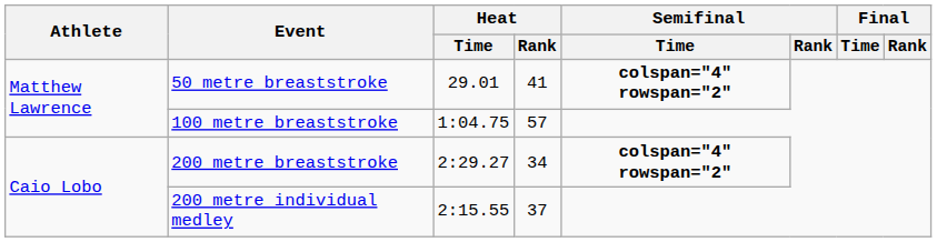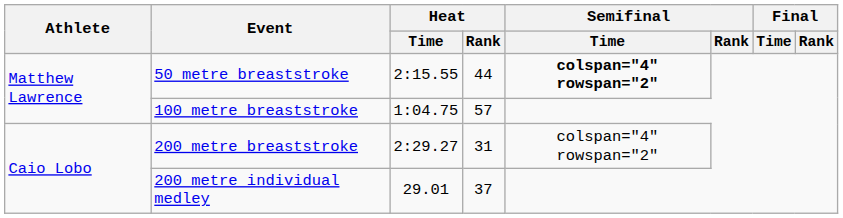 <table class="wikitable" style="text-align:center; font-size:90%; width:50%;">
 <tr>
 <th rowspan="2">Athlete</th>
 <th rowspan="2">Event</th>
 <th colspan="2">Heat</th>
 <th colspan="2">Semifinal</th>
 <th colspan="2">Final</th>
 </tr>
 <tr style="font-size:95%">
 <th>Time</th>
 <th>Rank</th>
 <th>Time</th>
 <th>Rank</th>
 <th>Time</th>
 <th>Rank</th>
 </tr>
 <tr align=center>
 <td align=left rowspan="2"><a href='#'>Matthew Lawrence</a></td>
 <td align=left><a href='#'>50 metre breaststroke</a></td>
-<td>29.01</td>
-<td>41</td>
+<td>2:15.55</td>
+<td>44</td>
 <td><strong>colspan="4" rowspan="2"</strong></td>
 </tr>
 <tr align=center>
 <td align=left><a href='#'>100 metre breaststroke</a></td>
 <td>1:04.75</td>
 <td>57</td>
 </tr>
 <tr align=center>
 <td align=left rowspan="2"><a href='#'>Caio Lobo</a></td>
 <td align=left><a href='#'>200 metre breaststroke</a></td>
 <td>2:29.27</td>
-<td>34</td>
-<td><strong>colspan="4" rowspan="2"</strong></td>
+<td>31</td>
+<td>colspan="4" rowspan="2"</td>
 </tr>
 <tr align=center>
 <td align=left><a href='#'>200 metre individual medley</a></td>
-<td>2:15.55</td>
+<td>29.01</td>
 <td>37</td>
 </tr>
 </table>
